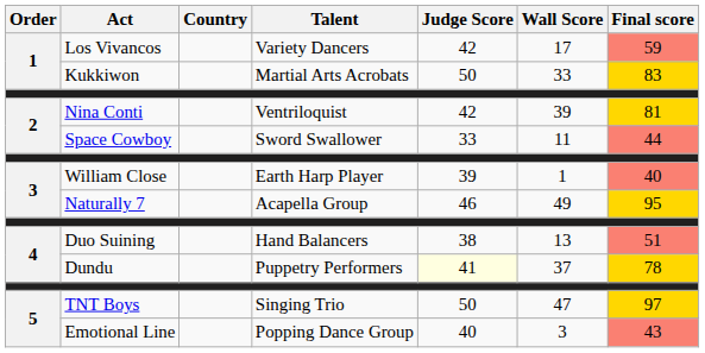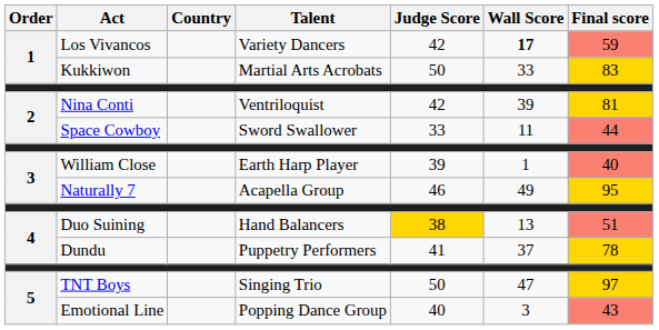 <table class="wikitable">
 <tr>
 <th>Order</th>
 <th>Act</th>
 <th>Country</th>
 <th>Talent</th>
 <th>Judge Score</th>
 <th>Wall Score</th>
 <th>Final score</th>
 </tr>
 <tr>
 <th rowspan=2><strong>1</strong></th>
 <td>Los Vivancos</td>
 <td></td>
 <td>Variety Dancers</td>
 <td align=center>42</td>
-<td align=center>17</td>
+<td align=center><strong>17</strong></td>
 <td align="center" bgcolor="salmon">59</td>
 </tr>
 <tr>
 <td>Kukkiwon</td>
 <td></td>
 <td>Martial Arts Acrobats</td>
 <td align=center>50</td>
 <td align=center>33</td>
 <td align=center bgcolor="gold">83</td>
 </tr>
 <tr>
 <td colspan="10" style="background:#201f1f;"></td>
 </tr>
 <tr>
 <th rowspan=2><strong>2</strong></th>
 <td><a href='#'>Nina Conti</a></td>
 <td></td>
 <td>Ventriloquist</td>
 <td align=center>42</td>
 <td align=center>39</td>
 <td align="center" bgcolor="gold">81</td>
 </tr>
 <tr>
 <td><a href='#'>Space Cowboy</a></td>
 <td></td>
 <td>Sword Swallower</td>
 <td align=center>33</td>
 <td align=center>11</td>
 <td align=center bgcolor="salmon">44</td>
 </tr>
 <tr>
 <td colspan="10" style="background:#201f1f;"></td>
 </tr>
 <tr>
 <th rowspan=2><strong>3</strong></th>
 <td>William Close</td>
 <td></td>
 <td>Earth Harp Player</td>
 <td align=center>39</td>
 <td align=center>1</td>
 <td align="center" bgcolor="salmon">40</td>
 </tr>
 <tr>
 <td><a href='#'>Naturally 7</a></td>
 <td></td>
 <td>Acapella Group</td>
 <td align=center>46</td>
 <td align=center>49</td>
 <td align=center bgcolor="gold">95</td>
 </tr>
 <tr>
 <td colspan="10" style="background:#201f1f;"></td>
 </tr>
 <tr>
 <th rowspan=2><strong>4</strong></th>
 <td>Duo Suining</td>
 <td></td>
 <td>Hand Balancers</td>
-<td align=center>38</td>
+<td align=center style="background: gold;">38</td>
 <td align=center>13</td>
 <td align=center bgcolor="salmon">51</td>
 </tr>
 <tr>
 <td>Dundu</td>
 <td></td>
 <td>Puppetry Performers</td>
-<td align=center style="background: lightyellow;">41</td>
+<td align=center>41</td>
 <td align=center>37</td>
 <td align="center" bgcolor="Gold">78</td>
 </tr>
 <tr>
 <td colspan="10" style="background:#201f1f;"></td>
 </tr>
 <tr>
 <th rowspan=2><strong>5</strong></th>
 <td><a href='#'>TNT Boys</a></td>
 <td></td>
 <td>Singing Trio</td>
 <td align=center>50</td>
 <td align=center>47</td>
 <td align=center bgcolor="gold">97</td>
 </tr>
 <tr>
 <td>Emotional Line</td>
 <td></td>
 <td>Popping Dance Group</td>
 <td align=center>40</td>
 <td align=center>3</td>
 <td align="center" bgcolor="salmon">43</td>
 </tr>
 </table>
